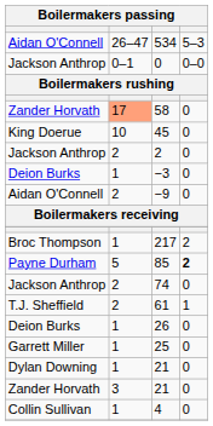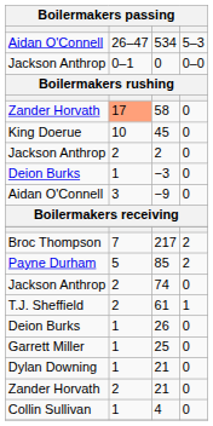 <table class="wikitable plainrowheaders">
 <tr>
 <th colspan="6">Boilermakers passing</th>
 </tr>
 <tr>
 <th scope="col"></th>
 <th scope="col"></th>
 <th scope="col"></th>
 <th scope="col"></th>
 </tr>
 <tr>
 <td><a href='#'>Aidan O'Connell</a></td>
 <td>26–47</td>
 <td>534</td>
 <td>5–3</td>
 </tr>
 <tr>
 <td>Jackson Anthrop</td>
 <td>0–1</td>
 <td>0</td>
 <td>0–0</td>
 </tr>
 <tr>
 <th colspan="6">Boilermakers rushing</th>
 </tr>
 <tr>
 <th scope="col"></th>
 <th scope="col"></th>
 <th scope="col"></th>
 <th scope="col"></th>
 </tr>
 <tr>
 <td><a href='#'>Zander Horvath</a></td>
 <td style="background: lightsalmon;">17</td>
 <td>58</td>
 <td>0</td>
 </tr>
 <tr>
 <td>King Doerue</td>
 <td>10</td>
 <td>45</td>
 <td>0</td>
 </tr>
 <tr>
 <td>Jackson Anthrop</td>
 <td>2</td>
 <td>2</td>
 <td>0</td>
 </tr>
 <tr>
 <td><a href='#'>Deion Burks</a></td>
 <td>1</td>
 <td>−3</td>
 <td>0</td>
 </tr>
 <tr>
 <td>Aidan O'Connell</td>
-<td>2</td>
+<td>3</td>
 <td>−9</td>
 <td>0</td>
 </tr>
 <tr>
 <th colspan="6">Boilermakers receiving</th>
 </tr>
 <tr>
 </tr>
 <tr>
 <th scope="col"></th>
 <th scope="col"></th>
 <th scope="col"></th>
 <th scope="col"></th>
 </tr>
 <tr>
 <td>Broc Thompson</td>
-<td>1</td>
+<td>7</td>
 <td>217</td>
 <td>2</td>
 </tr>
 <tr>
 <td><a href='#'>Payne Durham</a></td>
 <td>5</td>
 <td>85</td>
-<td><strong>2</strong></td>
+<td>2</td>
 </tr>
 <tr>
 <td>Jackson Anthrop</td>
 <td>2</td>
 <td>74</td>
 <td>0</td>
 </tr>
 <tr>
 <td>T.J. Sheffield</td>
 <td>2</td>
 <td>61</td>
 <td>1</td>
 </tr>
 <tr>
 <td>Deion Burks</td>
 <td>1</td>
 <td>26</td>
 <td>0</td>
 </tr>
 <tr>
 <td>Garrett Miller</td>
 <td>1</td>
 <td>25</td>
 <td>0</td>
 </tr>
 <tr>
 <td>Dylan Downing</td>
 <td>1</td>
 <td>21</td>
 <td>0</td>
 </tr>
 <tr>
 <td>Zander Horvath</td>
-<td>3</td>
+<td>2</td>
 <td>21</td>
 <td>0</td>
 </tr>
 <tr>
 <td>Collin Sullivan</td>
 <td>1</td>
 <td>4</td>
 <td>0</td>
 </tr>
 <tr>
 </tr>
 </table>
